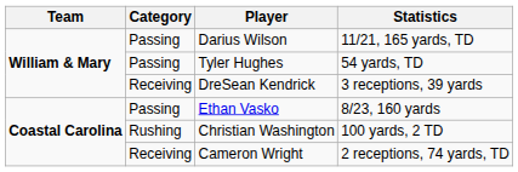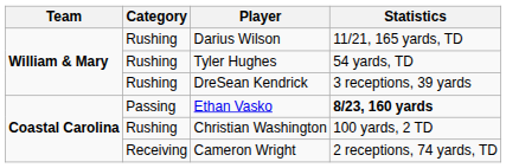 <table class="wikitable" style="float: right;">
 <tr>
 <th>Team</th>
 <th>Category</th>
 <th>Player</th>
 <th>Statistics</th>
 </tr>
 <tr>
 <td rowspan=3><strong>William & Mary</strong></td>
-<td>Passing</td>
+<td>Rushing</td>
 <td>Darius Wilson</td>
 <td>11/21, 165 yards, TD</td>
 </tr>
 <tr>
-<td>Passing</td>
+<td>Rushing</td>
 <td>Tyler Hughes</td>
 <td>54 yards, TD</td>
 </tr>
 <tr>
-<td>Receiving</td>
+<td>Rushing</td>
 <td>DreSean Kendrick</td>
 <td>3 receptions, 39 yards</td>
 </tr>
 <tr>
 <td rowspan=3><strong>Coastal Carolina</strong></td>
 <td>Passing</td>
 <td><a href='#'>Ethan Vasko</a></td>
-<td>8/23, 160 yards</td>
+<td><strong>8/23, 160 yards</strong></td>
 </tr>
 <tr>
 <td>Rushing</td>
 <td>Christian Washington</td>
 <td>100 yards, 2 TD</td>
 </tr>
 <tr>
 <td>Receiving</td>
 <td>Cameron Wright</td>
 <td>2 receptions, 74 yards, TD</td>
 </tr>
 </table>
